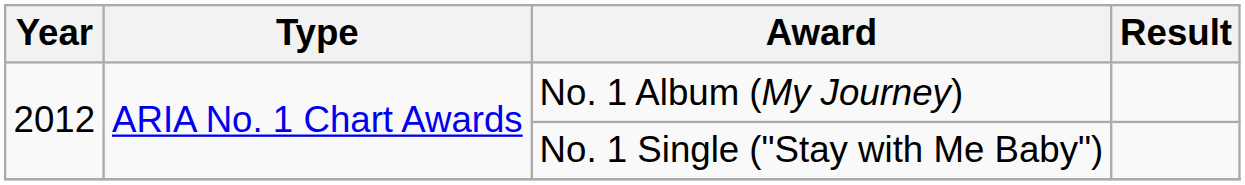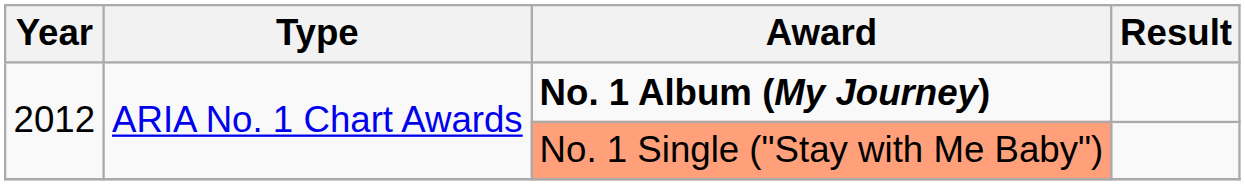 <table class="wikitable">
 <tr>
 <th>Year</th>
 <th>Type</th>
 <th>Award</th>
 <th>Result</th>
 </tr>
 <tr>
 <td rowspan="2">2012</td>
 <td rowspan="2"><a href='#'>ARIA No. 1 Chart Awards</a></td>
-<td>No. 1 Album (<em>My Journey</em>)</td>
+<td><strong>No. 1 Album (<em>My Journey</em>)</strong></td>
 <td></td>
 </tr>
 <tr>
-<td>No. 1 Single ("Stay with Me Baby")</td>
+<td style="background: lightsalmon;">No. 1 Single ("Stay with Me Baby")</td>
 <td></td>
 </tr>
 <tr>
 </tr>
 </table>
